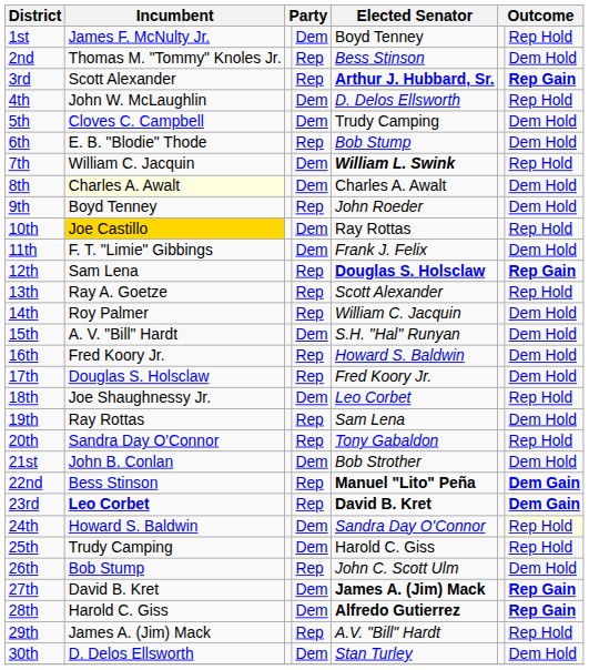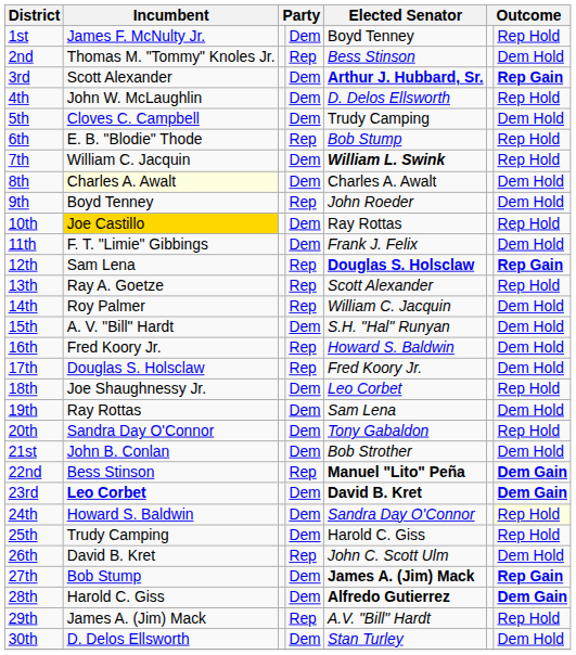 <table class="sortable wikitable" style="font-size:95%;line-height:14px;">
 <tr>
 <th>District</th>
 <th>Incumbent</th>
 <th colspan="2">Party</th>
 <th>Elected Senator</th>
 <th colspan="2">Outcome</th>
 </tr>
 <tr>
 <td><a href='#'>1st</a></td>
 <td><a href='#'>James F. McNulty Jr.</a></td>
 <td style="background:"></td>
 <td><a href='#'>Dem</a></td>
 <td>Boyd Tenney</td>
 <td style="background:"></td>
 <td><a href='#'>Rep Hold</a></td>
 </tr>
 <tr>
 <td><a href='#'>2nd</a></td>
 <td>Thomas M. "Tommy" Knoles Jr.</td>
 <td style="background:"></td>
 <td><a href='#'>Rep</a></td>
 <td><em><a href='#'>Bess Stinson</a></em></td>
 <td style="background:"></td>
 <td><a href='#'>Dem Hold</a></td>
 </tr>
 <tr>
 <td><a href='#'>3rd</a></td>
 <td>Scott Alexander</td>
 <td style="background:"></td>
-<td><a href='#'>Rep</a></td>
+<td><a href='#'>Dem</a></td>
 <td><strong><a href='#'>Arthur J. Hubbard, Sr.</a></strong></td>
 <td style="background:"></td>
 <td><strong><a href='#'>Rep Gain</a></strong></td>
 </tr>
 <tr>
 <td><a href='#'>4th</a></td>
 <td>John W. McLaughlin</td>
 <td style="background:"></td>
 <td><a href='#'>Dem</a></td>
 <td><em><a href='#'>D. Delos Ellsworth</a></em></td>
 <td style="background:"></td>
 <td><a href='#'>Rep Hold</a></td>
 </tr>
 <tr>
 <td><a href='#'>5th</a></td>
 <td><a href='#'>Cloves C. Campbell</a></td>
 <td style="background:"></td>
 <td><a href='#'>Dem</a></td>
 <td>Trudy Camping</td>
 <td style="background:"></td>
 <td><a href='#'>Dem Hold</a></td>
 </tr>
 <tr>
 <td><a href='#'>6th</a></td>
 <td>E. B. "Blodie" Thode</td>
 <td style="background:"></td>
 <td><a href='#'>Rep</a></td>
 <td><em><a href='#'>Bob Stump</a></em></td>
 <td style="background:"></td>
-<td><a href='#'>Dem Hold</a></td>
+<td><a href='#'>Rep Hold</a></td>
 </tr>
 <tr>
 <td><a href='#'>7th</a></td>
 <td>William C. Jacquin</td>
 <td style="background:"></td>
 <td><a href='#'>Dem</a></td>
 <td><strong><em>William L. Swink</em></strong></td>
 <td style="background:"></td>
 <td><a href='#'>Rep Hold</a></td>
 </tr>
 <tr>
 <td><a href='#'>8th</a></td>
 <td style="background: lightyellow;">Charles A. Awalt</td>
 <td style="background:"></td>
 <td><a href='#'>Dem</a></td>
 <td>Charles A. Awalt</td>
 <td style="background:"></td>
 <td><a href='#'>Dem Hold</a></td>
 </tr>
 <tr>
 <td><a href='#'>9th</a></td>
 <td>Boyd Tenney</td>
 <td style="background:"></td>
 <td><a href='#'>Rep</a></td>
 <td><em>John Roeder</em></td>
 <td style="background:"></td>
 <td><a href='#'>Dem Hold</a></td>
 </tr>
 <tr>
 <td><a href='#'>10th</a></td>
 <td style="background: gold;">Joe Castillo</td>
 <td style="background:"></td>
 <td><a href='#'>Dem</a></td>
 <td>Ray Rottas</td>
 <td style="background:"></td>
 <td><a href='#'>Rep Hold</a></td>
 </tr>
 <tr>
 <td><a href='#'>11th</a></td>
 <td>F. T. "Limie" Gibbings</td>
 <td style="background:"></td>
 <td><a href='#'>Dem</a></td>
 <td><em>Frank J. Felix</em></td>
 <td style="background:"></td>
 <td><a href='#'>Dem Hold</a></td>
 </tr>
 <tr>
 <td><a href='#'>12th</a></td>
 <td>Sam Lena</td>
 <td style="background:"></td>
 <td><a href='#'>Rep</a></td>
 <td><strong><a href='#'>Douglas S. Holsclaw</a></strong></td>
 <td style="background:"></td>
 <td><strong><a href='#'>Rep Gain</a></strong></td>
 </tr>
 <tr>
 <td><a href='#'>13th</a></td>
 <td>Ray A. Goetze</td>
 <td style="background:"></td>
 <td><a href='#'>Rep</a></td>
 <td><em>Scott Alexander</em></td>
 <td style="background:"></td>
 <td><a href='#'>Rep Hold</a></td>
 </tr>
 <tr>
 <td><a href='#'>14th</a></td>
 <td>Roy Palmer</td>
 <td style="background:"></td>
 <td><a href='#'>Rep</a></td>
 <td><em>William C. Jacquin</em></td>
 <td style="background:"></td>
 <td><a href='#'>Dem Hold</a></td>
 </tr>
 <tr>
 <td><a href='#'>15th</a></td>
 <td>A. V. "Bill" Hardt</td>
 <td style="background:"></td>
 <td><a href='#'>Dem</a></td>
 <td><em>S.H. "Hal" Runyan</em></td>
 <td style="background:"></td>
 <td><a href='#'>Dem Hold</a></td>
 </tr>
 <tr>
 <td><a href='#'>16th</a></td>
 <td>Fred Koory Jr.</td>
 <td style="background:"></td>
 <td><a href='#'>Rep</a></td>
 <td><em><a href='#'>Howard S. Baldwin</a></em></td>
 <td style="background:"></td>
 <td><a href='#'>Dem Hold</a></td>
 </tr>
 <tr>
 <td><a href='#'>17th</a></td>
 <td><a href='#'>Douglas S. Holsclaw</a></td>
 <td style="background:"></td>
 <td><a href='#'>Rep</a></td>
 <td><em>Fred Koory Jr.</em></td>
 <td style="background:"></td>
 <td><a href='#'>Dem Hold</a></td>
 </tr>
 <tr>
 <td><a href='#'>18th</a></td>
 <td>Joe Shaughnessy Jr.</td>
 <td style="background:"></td>
 <td><a href='#'>Dem</a></td>
 <td><em><a href='#'>Leo Corbet</a></em></td>
 <td style="background:"></td>
 <td><a href='#'>Rep Hold</a></td>
 </tr>
 <tr>
 <td><a href='#'>19th</a></td>
 <td>Ray Rottas</td>
 <td style="background:"></td>
-<td><a href='#'>Rep</a></td>
+<td><a href='#'>Dem</a></td>
 <td><em>Sam Lena</em></td>
 <td style="background:"></td>
 <td><a href='#'>Dem Hold</a></td>
 </tr>
 <tr>
 <td><a href='#'>20th</a></td>
 <td><a href='#'>Sandra Day O'Connor</a></td>
 <td style="background:"></td>
-<td><a href='#'>Rep</a></td>
+<td><a href='#'>Dem</a></td>
 <td><em><a href='#'>Tony Gabaldon</a></em></td>
 <td style="background:"></td>
 <td><a href='#'>Rep Hold</a></td>
 </tr>
 <tr>
 <td><a href='#'>21st</a></td>
 <td><a href='#'>John B. Conlan</a></td>
 <td style="background:"></td>
 <td><a href='#'>Dem</a></td>
 <td><em>Bob Strother</em></td>
 <td style="background:"></td>
 <td><a href='#'>Dem Hold</a></td>
 </tr>
 <tr>
 <td><a href='#'>22nd</a></td>
 <td><a href='#'>Bess Stinson</a></td>
 <td style="background:"></td>
 <td><a href='#'>Rep</a></td>
 <td><strong>Manuel "Lito" Peña</strong></td>
 <td style="background:"></td>
 <td><strong><a href='#'>Dem Gain</a></strong></td>
 </tr>
 <tr>
 <td><a href='#'>23rd</a></td>
 <td><strong><a href='#'>Leo Corbet</a></strong></td>
 <td style="background:"></td>
-<td><a href='#'>Rep</a></td>
+<td><a href='#'>Dem</a></td>
 <td><strong>David B. Kret</strong></td>
 <td style="background:"></td>
 <td><strong><a href='#'>Dem Gain</a></strong></td>
 </tr>
 <tr>
 <td><a href='#'>24th</a></td>
 <td><a href='#'>Howard S. Baldwin</a></td>
 <td style="background:"></td>
 <td><a href='#'>Dem</a></td>
 <td><em><a href='#'>Sandra Day O'Connor</a></em></td>
 <td style="background:"></td>
 <td style="background: lightyellow;"><a href='#'>Rep Hold</a></td>
 </tr>
 <tr>
 <td><a href='#'>25th</a></td>
 <td>Trudy Camping</td>
 <td style="background:"></td>
 <td><a href='#'>Dem</a></td>
 <td>Harold C. Giss</td>
 <td style="background:"></td>
 <td><a href='#'>Rep Hold</a></td>
 </tr>
 <tr>
 <td><a href='#'>26th</a></td>
-<td><a href='#'>Bob Stump</a></td>
+<td>David B. Kret</td>
 <td style="background:"></td>
 <td><a href='#'>Rep</a></td>
 <td><em>John C. Scott Ulm</em></td>
 <td style="background:"></td>
 <td><a href='#'>Dem Hold</a></td>
 </tr>
 <tr>
 <td><a href='#'>27th</a></td>
-<td>David B. Kret</td>
+<td><a href='#'>Bob Stump</a></td>
 <td style="background:"></td>
 <td><a href='#'>Dem</a></td>
 <td><strong>James A. (Jim) Mack</strong></td>
 <td style="background:"></td>
 <td><strong><a href='#'>Rep Gain</a></strong></td>
 </tr>
 <tr>
 <td><a href='#'>28th</a></td>
 <td>Harold C. Giss</td>
 <td style="background:"></td>
 <td><a href='#'>Dem</a></td>
 <td><strong>Alfredo Gutierrez</strong></td>
 <td style="background:"></td>
-<td><strong><a href='#'>Rep Gain</a></strong></td>
+<td><strong><a href='#'>Dem Gain</a></strong></td>
 </tr>
 <tr>
 <td><a href='#'>29th</a></td>
 <td>James A. (Jim) Mack</td>
 <td style="background:"></td>
 <td><a href='#'>Rep</a></td>
 <td><em>A.V. "Bill" Hardt</em></td>
 <td style="background:"></td>
 <td><a href='#'>Rep Hold</a></td>
 </tr>
 <tr>
 <td><a href='#'>30th</a></td>
 <td><a href='#'>D. Delos Ellsworth</a></td>
 <td style="background:"></td>
 <td><a href='#'>Dem</a></td>
 <td><em><a href='#'>Stan Turley</a></em></td>
 <td style="background:"></td>
 <td><a href='#'>Dem Hold</a></td>
 </tr>
 <tr>
 </tr>
 </table>
